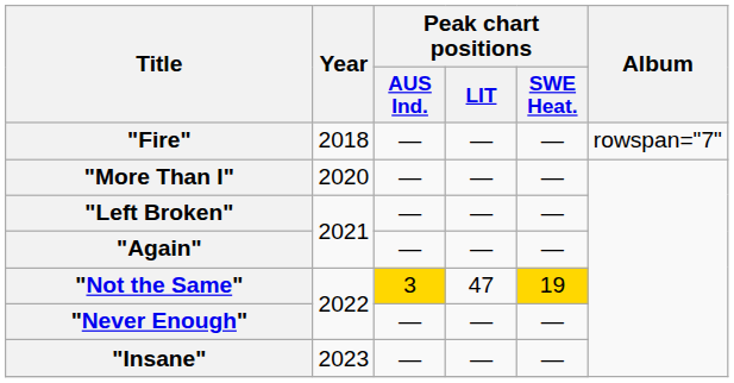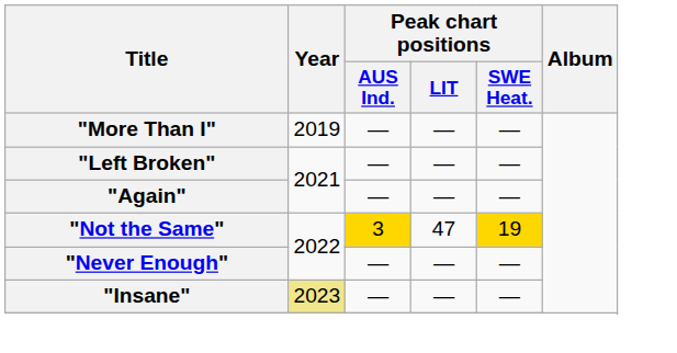 <table class="wikitable plainrowheaders" style="text-align:center;">
 <tr>
 <th scope="col" rowspan="2" style="width:13em;">Title</th>
 <th scope="col" rowspan="2" style="width:1em;">Year</th>
 <th scope="col" colspan="3">Peak chart positions</th>
 <th scope="col" rowspan="2">Album</th>
 </tr>
 <tr>
 <th scope="col" style="width:3em;font-size:90%;"><a href='#'>AUS<br>Ind.</a><br></th>
 <th scope="col" style="width:3em;font-size:90%;"><a href='#'>LIT</a><br></th>
 <th scope="col" style="width:3em;font-size:90%;"><a href='#'>SWE<br>Heat.</a><br></th>
 </tr>
 <tr>
-<th scope="row">"Fire"</th>
-<td>2018</td>
-<td>—</td>
-<td>—</td>
-<td>—</td>
-<td>rowspan="7" </td>
-</tr>
-<tr>
 <th scope="row">"More Than I"</th>
-<td>2020</td>
+<td>2019</td>
 <td>—</td>
 <td>—</td>
 <td>—</td>
 </tr>
 <tr>
 <th scope="row">"Left Broken"</th>
 <td rowspan="2">2021</td>
 <td>—</td>
 <td>—</td>
 <td>—</td>
 </tr>
 <tr>
 <th scope="row">"Again"</th>
 <td>—</td>
 <td>—</td>
 <td>—</td>
 </tr>
 <tr>
 <th scope="row">"<a href='#'>Not the Same</a>"</th>
 <td rowspan="2">2022</td>
 <td style="background: gold;">3</td>
 <td>47</td>
 <td style="background: gold;">19</td>
 </tr>
 <tr>
 <th scope="row">"<a href='#'>Never Enough</a>"</th>
 <td>—</td>
 <td>—</td>
 <td>—</td>
 </tr>
 <tr>
 <th scope="row">"Insane"</th>
-<td>2023</td>
+<td style="background: khaki;">2023</td>
 <td>—</td>
 <td>—</td>
 <td>—</td>
 </tr>
 <tr>
 </tr>
 </table>
